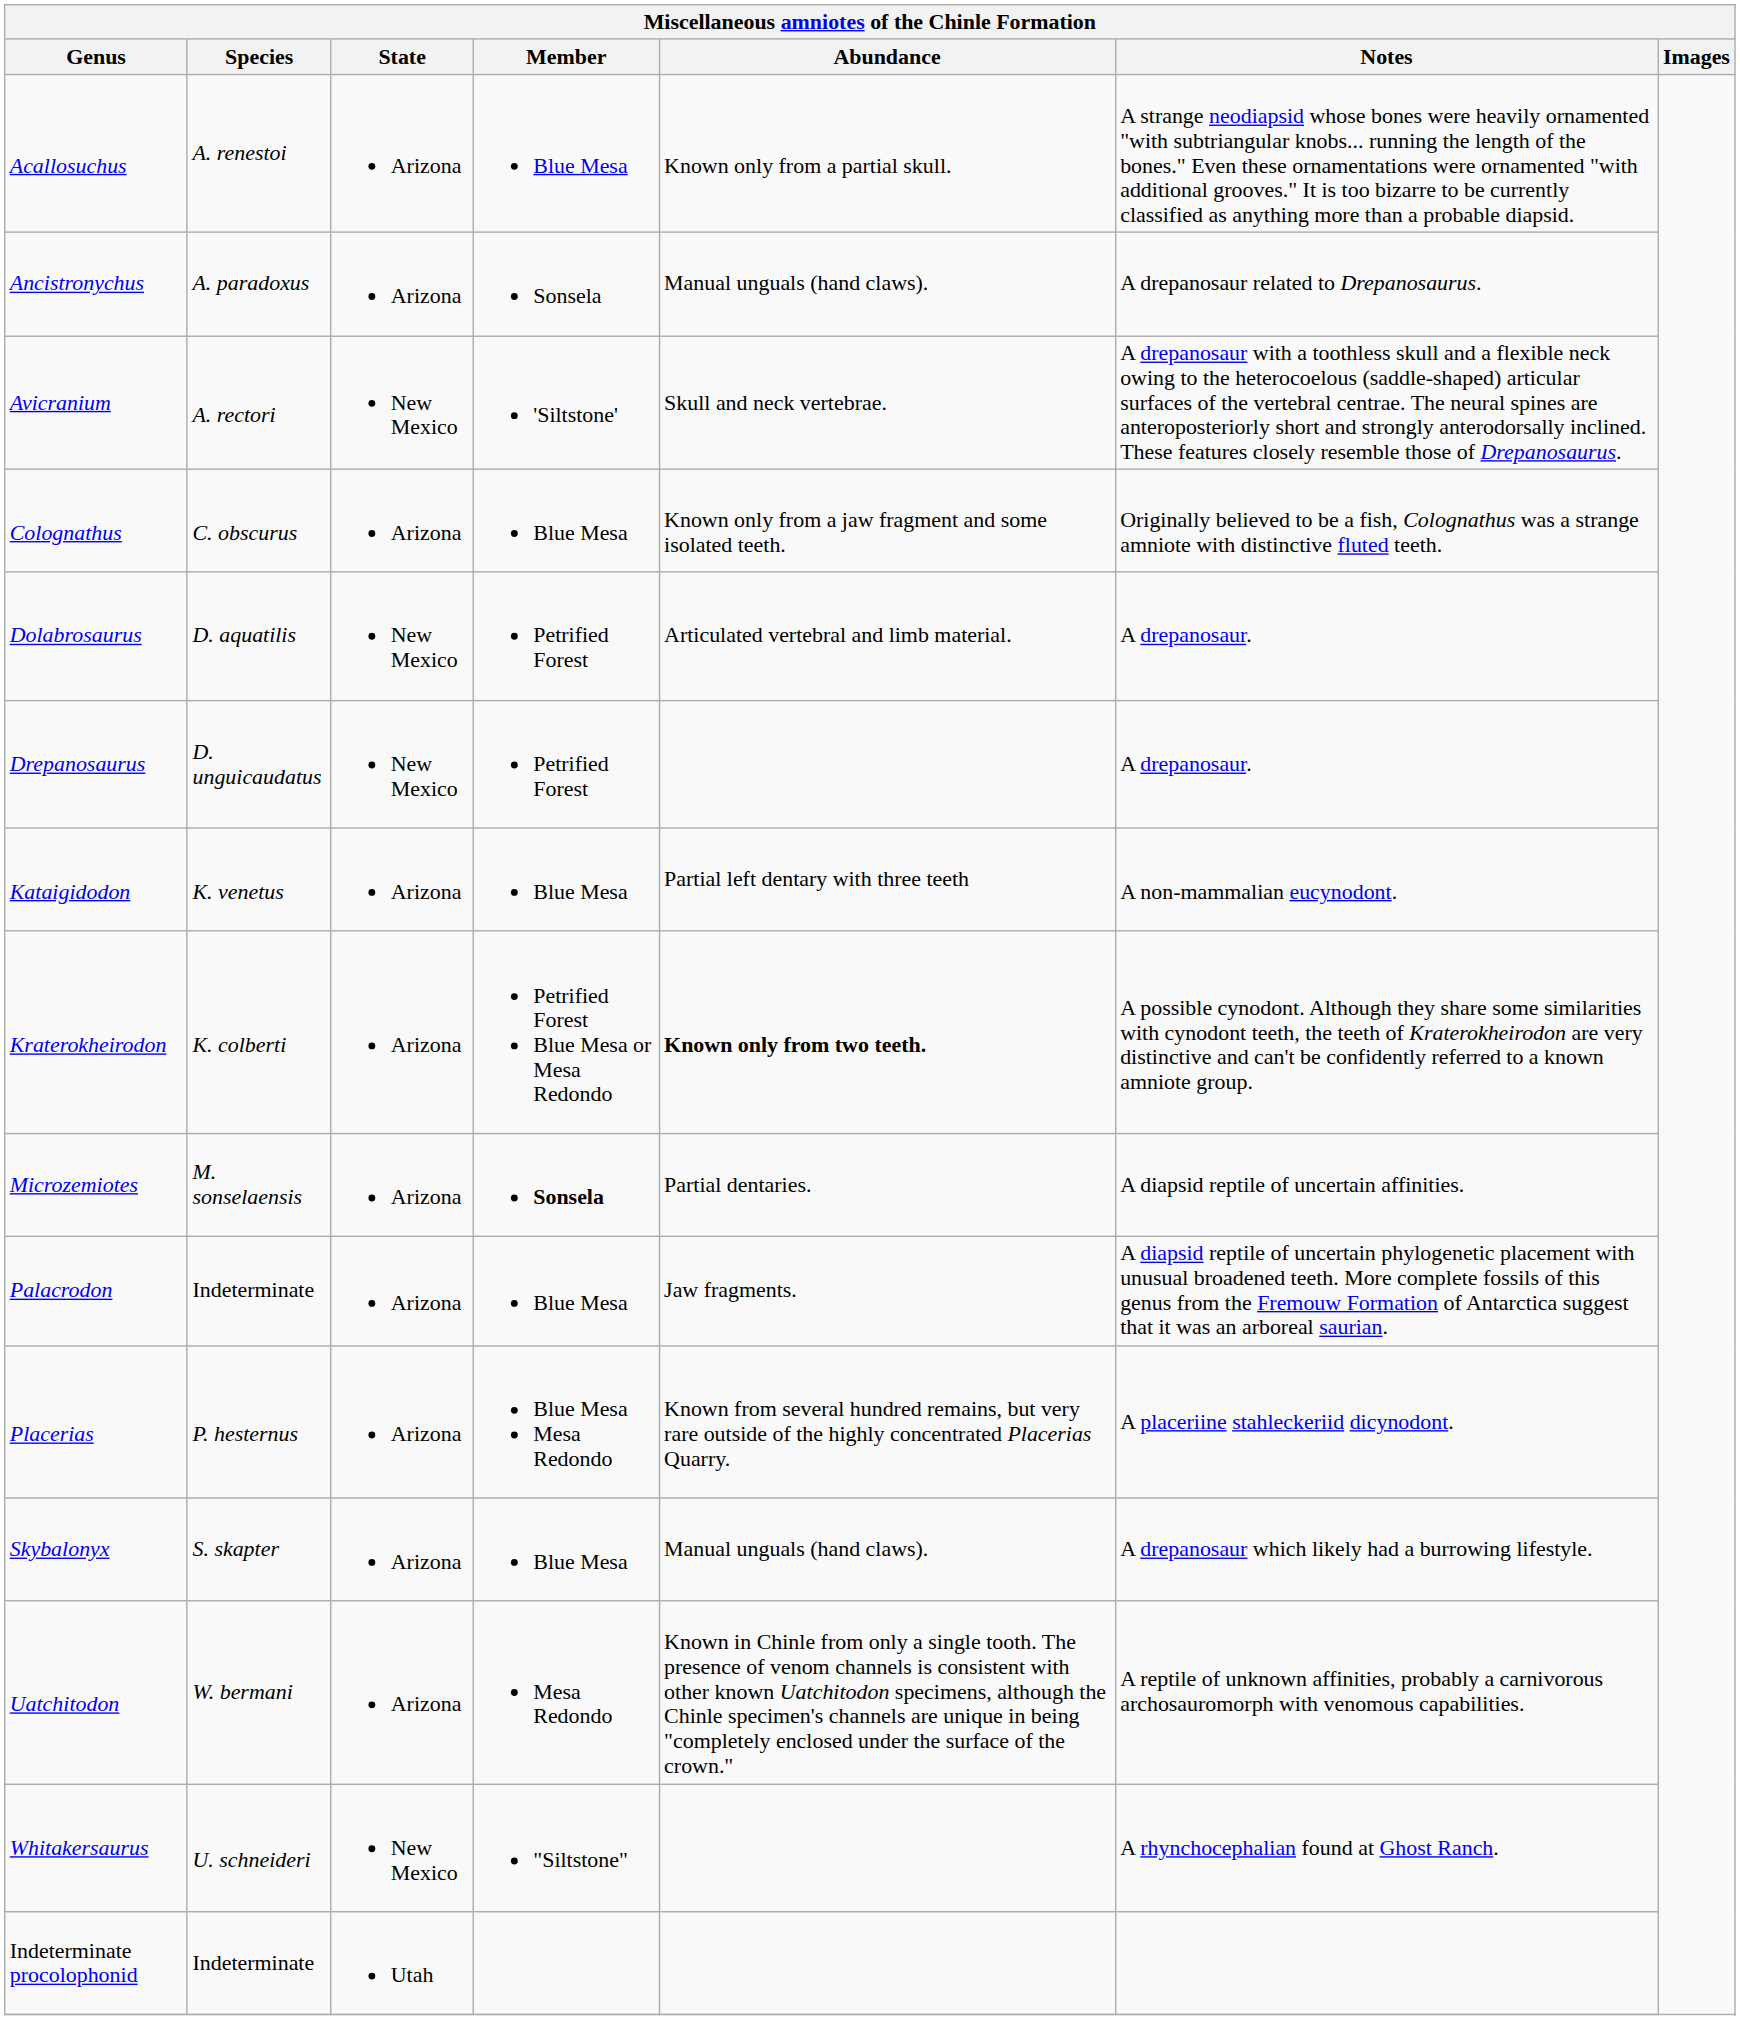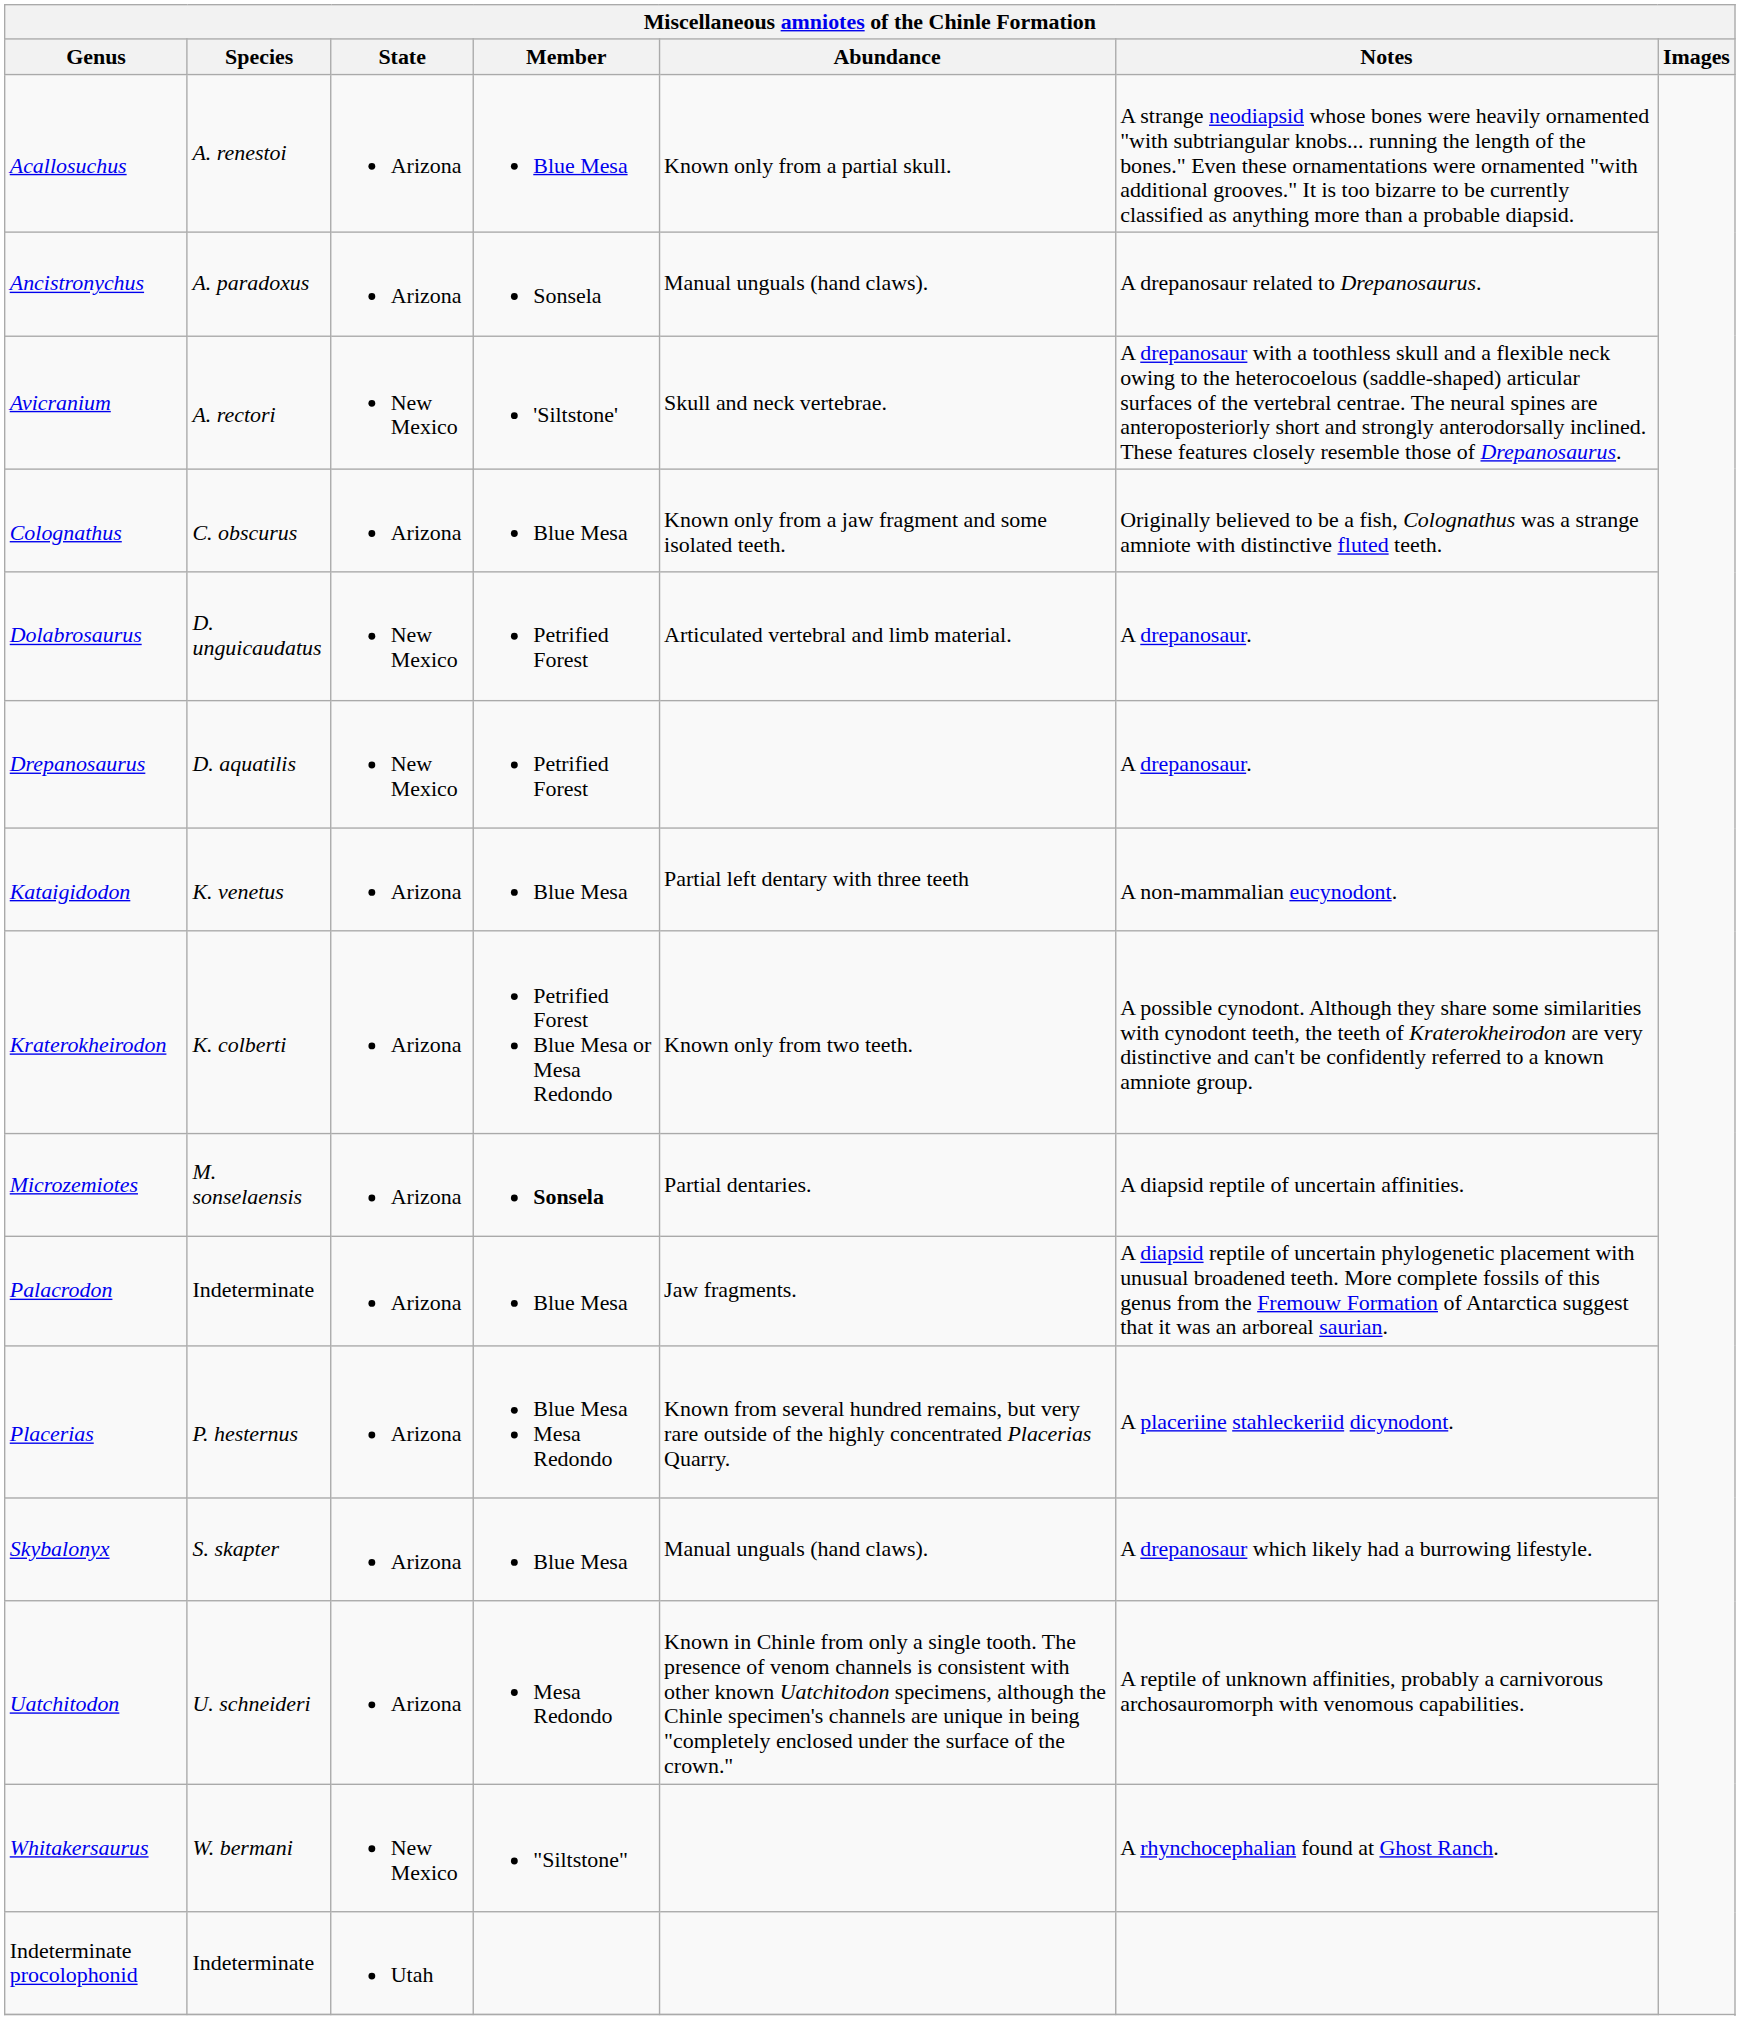 <table class="wikitable" align="center" width="100%">
 <tr>
 <th colspan="7" align="center"><strong>Miscellaneous <a href='#'>amniotes</a> of the Chinle Formation</strong></th>
 </tr>
 <tr>
 <th>Genus</th>
 <th>Species</th>
 <th>State</th>
 <th>Member</th>
 <th>Abundance</th>
 <th>Notes</th>
 <th>Images</th>
 </tr>
 <tr>
 <td><br><em><a href='#'>Acallosuchus</a></em></td>
 <td><em>A. renestoi</em></td>
 <td><br><ul><li>Arizona</li></ul></td>
 <td><br><ul><li><a href='#'>Blue Mesa</a></li></ul></td>
 <td><br>Known only from a partial skull.</td>
 <td><br>A strange <a href='#'>neodiapsid</a> whose bones were heavily ornamented "with subtriangular knobs... running the length of the bones." Even these ornamentations were ornamented "with additional grooves." It is too bizarre to be currently classified as anything more than a probable diapsid.</td>
 <td rowspan="101"><br> </td>
 </tr>
 <tr>
 <td><em><a href='#'>Ancistronychus</a></em></td>
 <td><em>A. paradoxus</em></td>
 <td><br><ul><li>Arizona</li></ul></td>
 <td><br><ul><li>Sonsela</li></ul></td>
 <td>Manual unguals (hand claws).</td>
 <td>A drepanosaur related to <em>Drepanosaurus</em>.</td>
 </tr>
 <tr>
 <td><em><a href='#'>Avicranium</a></em></td>
 <td><br><em>A. rectori</em></td>
 <td><br><ul><li>New Mexico</li></ul></td>
 <td><br><ul><li>'Siltstone'</li></ul></td>
 <td>Skull and neck vertebrae.</td>
 <td>A <a href='#'>drepanosaur</a> with a toothless skull and a flexible neck owing to the heterocoelous (saddle-shaped) articular surfaces of the vertebral centrae. The neural spines are anteroposteriorly short and strongly anterodorsally inclined. These features closely resemble those of <em><a href='#'>Drepanosaurus</a></em>.</td>
 </tr>
 <tr>
 <td><br><em><a href='#'>Colognathus</a></em></td>
 <td><br><em>C. obscurus</em></td>
 <td><br><ul><li>Arizona</li></ul></td>
 <td><br><ul><li>Blue Mesa</li></ul></td>
 <td><br>Known only from a jaw fragment and some isolated teeth.</td>
 <td><br>Originally believed to be a fish, <em>Colognathus</em> was a strange amniote with distinctive <a href='#'>fluted</a> teeth.</td>
 </tr>
 <tr>
 <td><em><a href='#'>Dolabrosaurus</a></em></td>
-<td><em>D. aquatilis</em></td>
+<td><em>D. unguicaudatus</em></td>
 <td><br><ul><li>New Mexico</li></ul></td>
 <td><br><ul><li>Petrified Forest</li></ul></td>
 <td>Articulated vertebral and limb material.</td>
 <td>A <a href='#'>drepanosaur</a>.</td>
 </tr>
 <tr>
 <td><em><a href='#'>Drepanosaurus</a></em></td>
-<td><em>D. unguicaudatus</em></td>
+<td><em>D. aquatilis</em></td>
 <td><br><ul><li>New Mexico</li></ul></td>
 <td><br><ul><li>Petrified Forest</li></ul></td>
 <td></td>
 <td>A <a href='#'>drepanosaur</a>.</td>
 </tr>
 <tr>
 <td><br><em><a href='#'>Kataigidodon</a></em></td>
 <td><br><em>K. venetus</em></td>
 <td><br><ul><li>Arizona</li></ul></td>
 <td><br><ul><li>Blue Mesa</li></ul></td>
 <td>Partial left dentary with three teeth</td>
 <td><br>A non-mammalian <a href='#'>eucynodont</a>.</td>
 </tr>
 <tr>
 <td><br><em><a href='#'>Kraterokheirodon</a></em></td>
 <td><br><em>K. colberti</em></td>
 <td><br><ul><li>Arizona</li></ul></td>
 <td><br><ul><li>Petrified Forest</li><li>Blue Mesa or Mesa Redondo</li></ul></td>
-<td><strong><br>Known only from two teeth.</strong></td>
+<td><br>Known only from two teeth.</td>
 <td><br>A possible cynodont. Although they share some similarities with cynodont teeth, the teeth of <em>Kraterokheirodon</em> are very distinctive and can't be confidently referred to a known amniote group.</td>
 </tr>
 <tr>
 <td><em><a href='#'>Microzemiotes</a></em></td>
 <td><em>M. sonselaensis</em></td>
 <td><br><ul><li>Arizona</li></ul></td>
 <td><strong><br><ul><li>Sonsela</li></ul></strong></td>
 <td>Partial dentaries.</td>
 <td>A diapsid reptile of uncertain affinities.</td>
 </tr>
 <tr>
 <td><em><a href='#'>Palacrodon</a></em></td>
 <td>Indeterminate</td>
 <td><br><ul><li>Arizona</li></ul></td>
 <td><br><ul><li>Blue Mesa</li></ul></td>
 <td>Jaw fragments.</td>
 <td>A <a href='#'>diapsid</a> reptile of uncertain phylogenetic placement with unusual broadened teeth. More complete fossils of this genus from the <a href='#'>Fremouw Formation</a> of Antarctica suggest that it was an arboreal <a href='#'>saurian</a>.</td>
 </tr>
 <tr>
 <td><br><em><a href='#'>Placerias</a></em></td>
 <td><br><em>P. hesternus</em></td>
 <td><br><ul><li>Arizona</li></ul></td>
 <td><br><ul><li>Blue Mesa</li><li>Mesa Redondo</li></ul></td>
 <td><br>Known from several hundred remains, but very rare outside of the highly concentrated <em>Placerias</em> Quarry.</td>
 <td>A <a href='#'>placeriine</a> <a href='#'>stahleckeriid</a> <a href='#'>dicynodont</a>.</td>
 </tr>
 <tr>
 <td><em><a href='#'>Skybalonyx</a></em></td>
 <td><em>S. skapter</em></td>
 <td><br><ul><li>Arizona</li></ul></td>
 <td><br><ul><li>Blue Mesa</li></ul></td>
 <td>Manual unguals (hand claws).</td>
 <td>A <a href='#'>drepanosaur</a> which likely had a burrowing lifestyle.</td>
 </tr>
 <tr>
 <td><br><em><a href='#'>Uatchitodon</a></em></td>
-<td><em>W. bermani</em></td>
+<td><br><em>U. schneideri</em></td>
 <td><br><ul><li>Arizona</li></ul></td>
 <td><br><ul><li>Mesa Redondo</li></ul></td>
 <td><br>Known in Chinle from only a single tooth. The presence of venom channels is consistent with other known <em>Uatchitodon</em> specimens, although the Chinle specimen's channels are unique in being "completely enclosed under the surface of the crown."</td>
 <td>A reptile of unknown affinities, probably a carnivorous archosauromorph with venomous capabilities.</td>
 </tr>
 <tr>
 <td><em><a href='#'>Whitakersaurus</a></em></td>
-<td><br><em>U. schneideri</em></td>
+<td><em>W. bermani</em></td>
 <td><br><ul><li>New Mexico</li></ul></td>
 <td><br><ul><li>"Siltstone"</li></ul></td>
 <td></td>
 <td>A <a href='#'>rhynchocephalian</a> found at <a href='#'>Ghost Ranch</a>.</td>
 </tr>
 <tr>
 <td>Indeterminate <a href='#'>procolophonid</a></td>
 <td>Indeterminate</td>
 <td><br><ul><li>Utah</li></ul></td>
 <td></td>
 <td></td>
 <td></td>
 </tr>
 <tr>
 </tr>
 </table>
